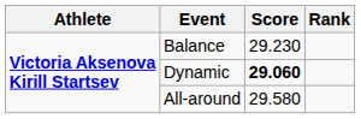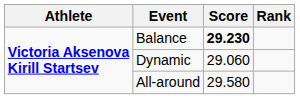 <table class="wikitable" style="text-align:center; font-size:90%">
 <tr>
 <th>Athlete</th>
 <th>Event</th>
 <th>Score</th>
 <th>Rank</th>
 </tr>
 <tr>
 <td rowspan=3 align=left><strong><a href='#'>Victoria Aksenova</a><br><a href='#'>Kirill Startsev</a></strong></td>
 <td align=left>Balance</td>
-<td>29.230</td>
+<td><strong>29.230</strong></td>
 <td></td>
 </tr>
 <tr>
 <td align=left>Dynamic</td>
-<td><strong>29.060</strong></td>
+<td>29.060</td>
 <td></td>
 </tr>
 <tr>
 <td align=left>All-around</td>
 <td>29.580</td>
 <td></td>
 </tr>
 </table>
